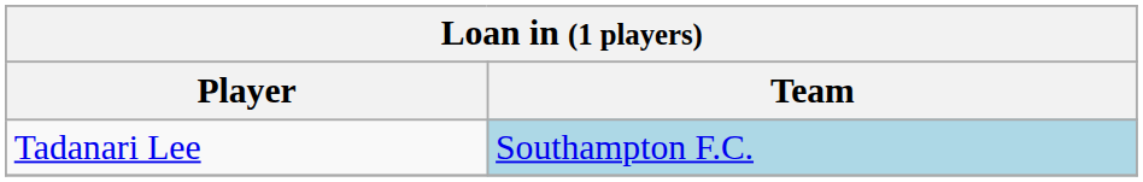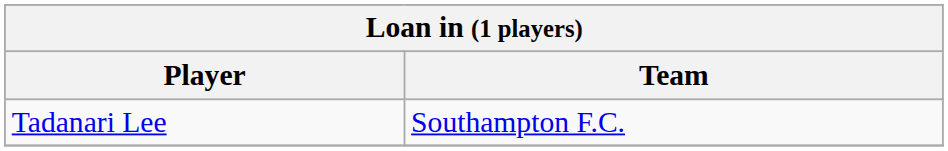 <table class="wikitable collapsible">
 <tr>
 <th colspan="2" width="500"> <strong>Loan in</strong> <small>(1 players)</small></th>
 </tr>
 <tr>
 <th>Player</th>
 <th>Team</th>
 </tr>
 <tr>
 <td> <a href='#'>Tadanari Lee</a></td>
-<td style="background: lightblue;"> <a href='#'>Southampton F.C.</a></td>
+<td> <a href='#'>Southampton F.C.</a></td>
 </tr>
 <tr>
 </tr>
 </table>
